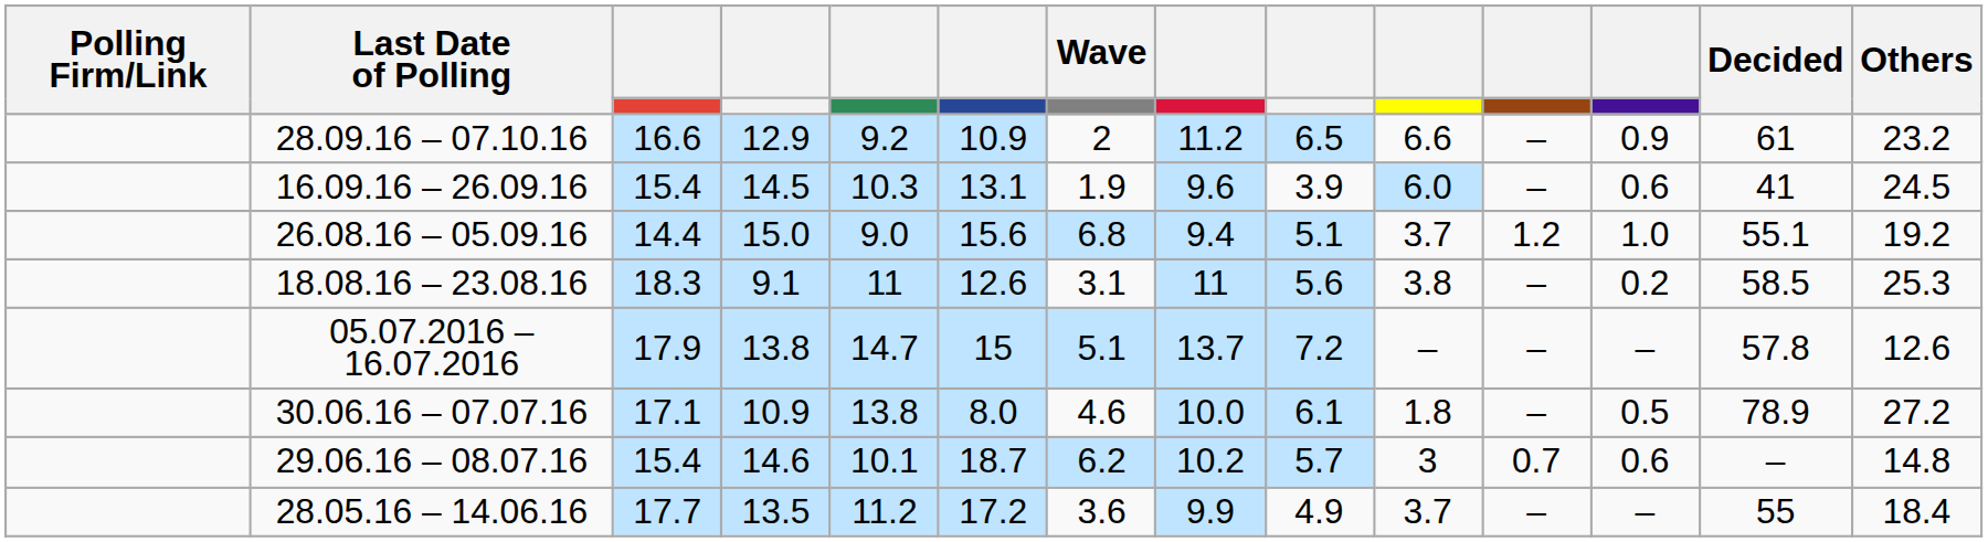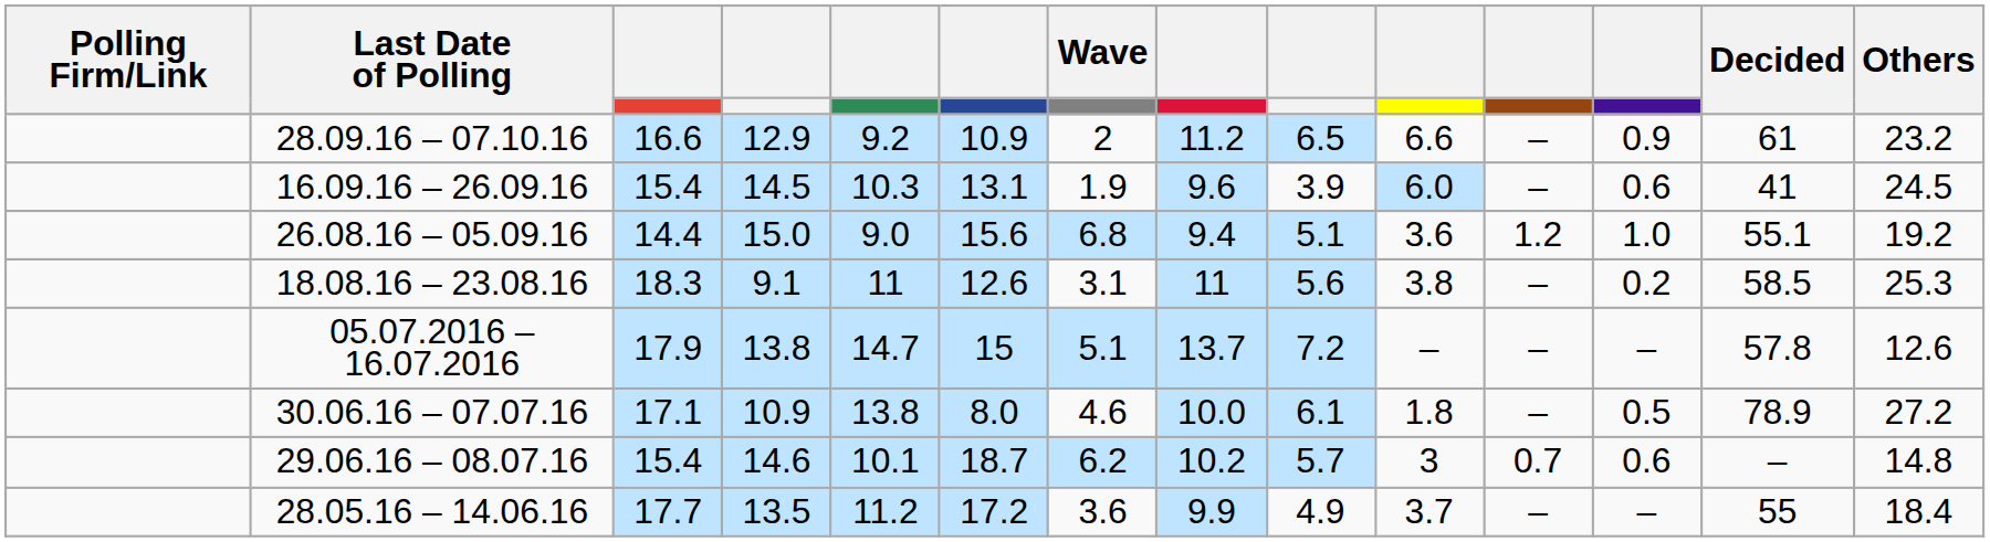 <table class="wikitable" style="text-align:center;font-size:95%;line-height:14px;">
 <tr style="height:40px; background-color:#E9E9E9">
 <th style="width:99px;" rowspan="2">Polling Firm/Link</th>
 <th style="width:150px;" rowspan="2">Last Date<br>of Polling</th>
 <th style="width:40px;"></th>
 <th style="width:40px;"></th>
 <th style="width:40px;"></th>
 <th style="width:40px;"></th>
 <th style="width:40px;">Wave</th>
 <th style="width:40px;"></th>
 <th style="width:40px;"></th>
 <th style="width:40px;"></th>
 <th style="width:40px;"></th>
 <th style="width:40px;"></th>
 <th rowspan="2" style="width:40px;">Decided</th>
 <th rowspan="2" style="width:40px;">Others</th>
 </tr>
 <tr>
 <th style="background:#E34234;"></th>
 <th style="background:"></th>
 <th style="background:#2E8B57;"></th>
 <th style="background:#274696;"></th>
 <th style="background:gray;"></th>
 <th style="background:Crimson;"></th>
 <th style="background:"></th>
 <th style="background:yellow;"></th>
 <th style="background:#964411;"></th>
 <th style="background:#441196;"></th>
 </tr>
 <tr>
 <td></td>
 <td>28.09.16 – 07.10.16</td>
 <td bgcolor="#bfe4ff" >16.6</td>
 <td bgcolor="#bfe4ff" >12.9</td>
 <td bgcolor="#bfe4ff" >9.2</td>
 <td bgcolor="#bfe4ff" >10.9</td>
 <td>2</td>
 <td bgcolor="#bfe4ff" >11.2</td>
 <td bgcolor="#bfe4ff" >6.5</td>
 <td>6.6</td>
 <td>–</td>
 <td>0.9</td>
 <td>61</td>
 <td>23.2</td>
 </tr>
 <tr>
 <td></td>
 <td>16.09.16 – 26.09.16</td>
 <td bgcolor="#bfe4ff" >15.4</td>
 <td bgcolor="#bfe4ff" >14.5</td>
 <td bgcolor="#bfe4ff" >10.3</td>
 <td bgcolor="#bfe4ff" >13.1</td>
 <td>1.9</td>
 <td bgcolor="#bfe4ff" >9.6</td>
 <td>3.9</td>
 <td bgcolor="#bfe4ff" >6.0</td>
 <td>–</td>
 <td>0.6</td>
 <td>41</td>
 <td>24.5</td>
 </tr>
 <tr>
 <td></td>
 <td>26.08.16 – 05.09.16</td>
 <td bgcolor="#bfe4ff" >14.4</td>
 <td bgcolor="#bfe4ff" >15.0</td>
 <td bgcolor="#bfe4ff" >9.0</td>
 <td bgcolor="#bfe4ff" >15.6</td>
 <td bgcolor="#bfe4ff" >6.8</td>
 <td bgcolor="#bfe4ff" >9.4</td>
 <td bgcolor="#bfe4ff" >5.1</td>
-<td>3.7</td>
+<td>3.6</td>
 <td>1.2</td>
 <td>1.0</td>
 <td>55.1</td>
 <td>19.2</td>
 </tr>
 <tr>
 <td></td>
 <td>18.08.16 – 23.08.16</td>
 <td bgcolor="#bfe4ff" >18.3</td>
 <td bgcolor="#bfe4ff" >9.1</td>
 <td bgcolor="#bfe4ff" >11</td>
 <td bgcolor="#bfe4ff" >12.6</td>
 <td>3.1</td>
 <td bgcolor="#bfe4ff" >11</td>
 <td bgcolor="#bfe4ff" >5.6</td>
 <td>3.8</td>
 <td>–</td>
 <td>0.2</td>
 <td>58.5</td>
 <td>25.3</td>
 </tr>
 <tr>
 <td></td>
 <td>05.07.2016 – 16.07.2016</td>
 <td bgcolor="#bfe4ff" >17.9</td>
 <td bgcolor="#bfe4ff" >13.8</td>
 <td bgcolor="#bfe4ff" >14.7</td>
 <td bgcolor="#bfe4ff" >15</td>
 <td bgcolor="#bfe4ff" >5.1</td>
 <td bgcolor="#bfe4ff" >13.7</td>
 <td bgcolor="#bfe4ff" >7.2</td>
 <td>–</td>
 <td>–</td>
 <td>–</td>
 <td>57.8</td>
 <td>12.6</td>
 </tr>
 <tr>
 <td> </td>
 <td>30.06.16 – 07.07.16</td>
 <td bgcolor="#bfe4ff" >17.1</td>
 <td bgcolor="#bfe4ff" >10.9</td>
 <td bgcolor="#bfe4ff" >13.8</td>
 <td bgcolor="#bfe4ff" >8.0</td>
 <td>4.6</td>
 <td bgcolor="#bfe4ff" >10.0</td>
 <td bgcolor="#bfe4ff" >6.1</td>
 <td>1.8</td>
 <td>–</td>
 <td>0.5</td>
 <td>78.9</td>
 <td>27.2</td>
 </tr>
 <tr>
 <td></td>
 <td>29.06.16 – 08.07.16</td>
 <td bgcolor="#bfe4ff" >15.4</td>
 <td bgcolor="#bfe4ff" >14.6</td>
 <td bgcolor="#bfe4ff" >10.1</td>
 <td bgcolor="#bfe4ff" >18.7</td>
 <td bgcolor="#bfe4ff" >6.2</td>
 <td bgcolor="#bfe4ff" >10.2</td>
 <td bgcolor="#bfe4ff" >5.7</td>
 <td>3</td>
 <td>0.7</td>
 <td>0.6</td>
 <td>–</td>
 <td>14.8</td>
 </tr>
 <tr>
 <td></td>
 <td>28.05.16 – 14.06.16</td>
 <td bgcolor="#bfe4ff" >17.7</td>
 <td bgcolor="#bfe4ff" >13.5</td>
 <td bgcolor="#bfe4ff" >11.2</td>
 <td bgcolor="#bfe4ff" >17.2</td>
 <td>3.6</td>
 <td bgcolor="#bfe4ff" >9.9</td>
 <td>4.9</td>
 <td>3.7</td>
 <td>–</td>
 <td>–</td>
 <td>55</td>
 <td>18.4</td>
 </tr>
 </table>
